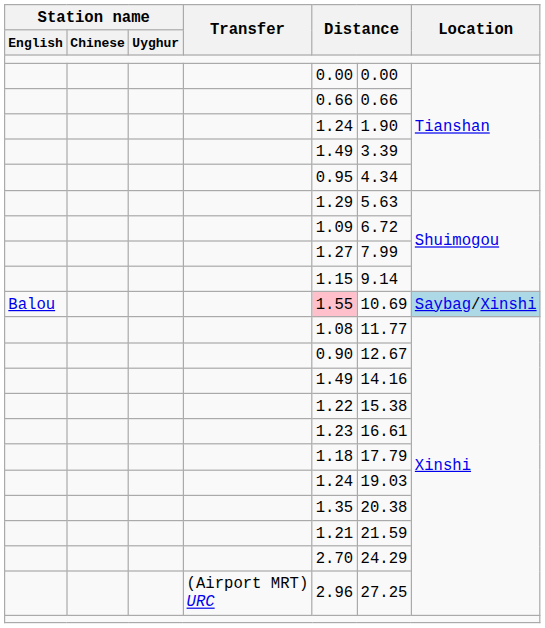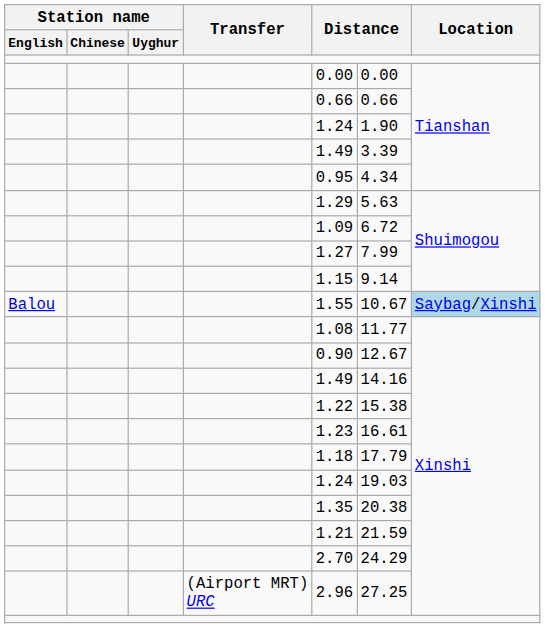 <table class="wikitable">
 <tr>
 <th colspan=3>Station name</th>
 <th rowspan=2>Transfer</th>
 <th colspan="2" rowspan="2">Distance<br></th>
 <th rowspan=2>Location</th>
 </tr>
 <tr>
 <th><small>English</small></th>
 <th><small>Chinese</small></th>
 <th><small>Uyghur</small></th>
 </tr>
 <tr style="background:#">
 <td colspan = "7"></td>
 </tr>
 <tr>
 <td></td>
 <td></td>
 <td></td>
 <td></td>
 <td>0.00</td>
 <td>0.00</td>
 <td rowspan="5"><a href='#'>Tianshan</a></td>
 </tr>
 <tr>
 <td></td>
 <td></td>
 <td></td>
 <td></td>
 <td>0.66</td>
 <td>0.66</td>
 </tr>
 <tr>
 <td></td>
 <td></td>
 <td></td>
 <td></td>
 <td>1.24</td>
 <td>1.90</td>
 </tr>
 <tr>
 <td></td>
 <td></td>
 <td></td>
 <td></td>
 <td>1.49</td>
 <td>3.39</td>
 </tr>
 <tr>
 <td></td>
 <td></td>
 <td></td>
 <td></td>
 <td>0.95</td>
 <td>4.34</td>
 </tr>
 <tr>
 <td></td>
 <td></td>
 <td></td>
 <td></td>
 <td>1.29</td>
 <td>5.63</td>
 <td rowspan="4"><a href='#'>Shuimogou</a></td>
 </tr>
 <tr>
 <td></td>
 <td></td>
 <td></td>
 <td></td>
 <td>1.09</td>
 <td>6.72</td>
 </tr>
 <tr>
 <td></td>
 <td></td>
 <td></td>
 <td></td>
 <td>1.27</td>
 <td>7.99</td>
 </tr>
 <tr>
 <td></td>
 <td></td>
 <td></td>
 <td></td>
 <td>1.15</td>
 <td>9.14</td>
 </tr>
 <tr>
 <td><a href='#'>Balou</a></td>
 <td></td>
 <td></td>
 <td></td>
-<td style="background: pink;">1.55</td>
-<td>10.69</td>
+<td>1.55</td>
+<td>10.67</td>
 <td style="background: lightblue;"><a href='#'>Saybag</a>/<a href='#'>Xinshi</a></td>
 </tr>
 <tr>
 <td></td>
 <td></td>
 <td></td>
 <td></td>
 <td>1.08</td>
 <td>11.77</td>
 <td rowspan="11"><a href='#'>Xinshi</a></td>
 </tr>
 <tr>
 <td></td>
 <td></td>
 <td></td>
 <td></td>
 <td>0.90</td>
 <td>12.67</td>
 </tr>
 <tr>
 <td></td>
 <td></td>
 <td></td>
 <td></td>
 <td>1.49</td>
 <td>14.16</td>
 </tr>
 <tr>
 <td></td>
 <td></td>
 <td></td>
 <td></td>
 <td>1.22</td>
 <td>15.38</td>
 </tr>
 <tr>
 <td></td>
 <td></td>
 <td></td>
 <td></td>
 <td>1.23</td>
 <td>16.61</td>
 </tr>
 <tr>
 <td></td>
 <td></td>
 <td></td>
 <td></td>
 <td>1.18</td>
 <td>17.79</td>
 </tr>
 <tr>
 <td></td>
 <td></td>
 <td></td>
 <td></td>
 <td>1.24</td>
 <td>19.03</td>
 </tr>
 <tr>
 <td></td>
 <td></td>
 <td></td>
 <td></td>
 <td>1.35</td>
 <td>20.38</td>
 </tr>
 <tr>
 <td></td>
 <td></td>
 <td></td>
 <td></td>
 <td>1.21</td>
 <td>21.59</td>
 </tr>
 <tr>
 <td></td>
 <td></td>
 <td></td>
 <td></td>
 <td>2.70</td>
 <td>24.29</td>
 </tr>
 <tr>
 <td></td>
 <td></td>
 <td></td>
 <td> (Airport MRT)<br><em> <a href='#'>URC</a></em></td>
 <td>2.96</td>
 <td>27.25</td>
 </tr>
 <tr style="background:#">
 <td colspan = "7"></td>
 </tr>
 </table>
